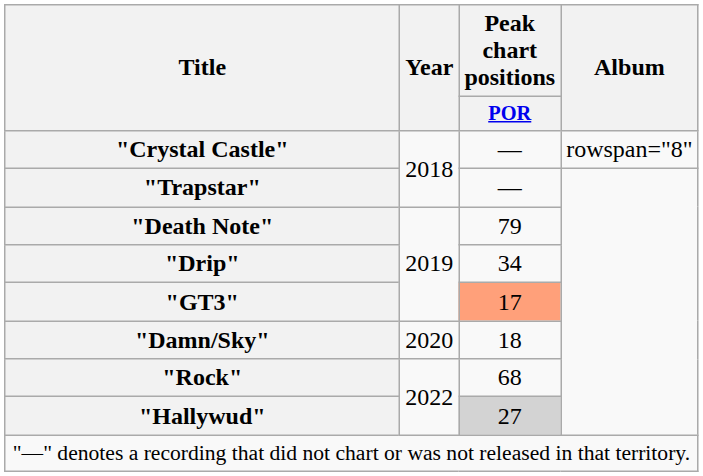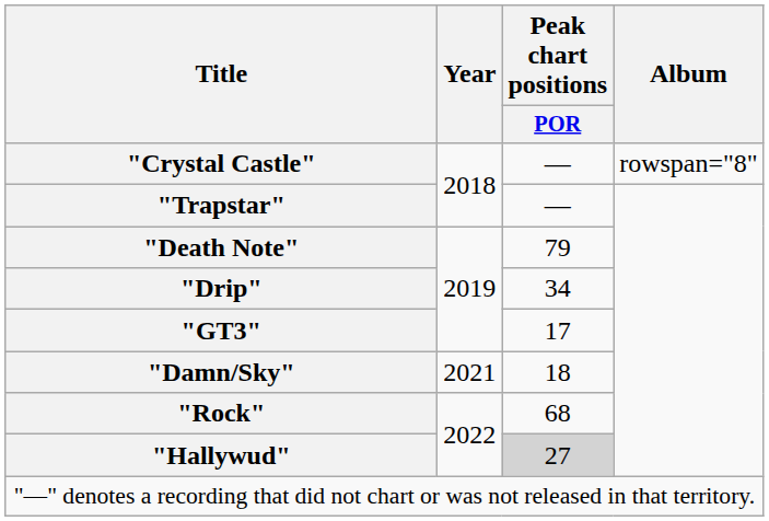 <table class="wikitable plainrowheaders" style="text-align:center;" border="1">
 <tr>
 <th rowspan="2" scope="col" style="width:16em;">Title</th>
 <th rowspan="2" scope="col">Year</th>
 <th scope="col">Peak chart positions</th>
 <th rowspan="2" scope="col">Album</th>
 </tr>
 <tr>
 <th scope="col" style="width:3em;font-size:85%;"><a href='#'>POR</a><br></th>
 </tr>
 <tr>
 <th scope="row">"Crystal Castle"</th>
 <td rowspan="2">2018</td>
 <td>—</td>
 <td>rowspan="8" <em></em></td>
 </tr>
 <tr>
 <th scope="row">"Trapstar"</th>
 <td>—</td>
 </tr>
 <tr>
 <th scope="row">"Death Note" <br></th>
 <td rowspan="3">2019</td>
 <td>79</td>
 </tr>
 <tr>
 <th scope="row">"Drip"</th>
 <td>34</td>
 </tr>
 <tr>
 <th scope="row">"GT3"</th>
-<td style="background: lightsalmon;">17</td>
+<td>17</td>
 </tr>
 <tr>
 <th scope="row">"Damn/Sky" <br></th>
-<td rowspan="1">2020</td>
+<td rowspan="1">2021</td>
 <td>18</td>
 </tr>
 <tr>
 <th scope="row">"Rock"</th>
 <td rowspan="2">2022</td>
 <td>68</td>
 </tr>
 <tr>
 <th scope="row">"Hallywud" <br></th>
 <td style="background: lightgrey;">27</td>
 </tr>
 <tr>
 <td colspan="4" style="font-size:90%">"—" denotes a recording that did not chart or was not released in that territory.</td>
 </tr>
 </table>
